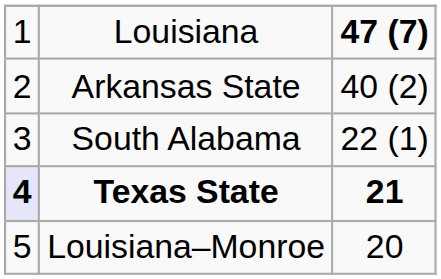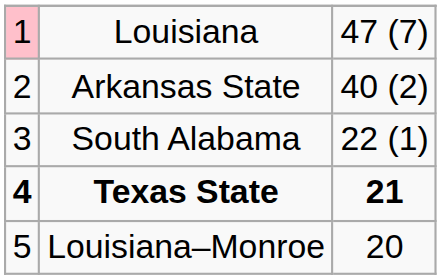 <table class="wikitable" style="display: inline-table;">
 <tr align="center">
 </tr>
 <tr align="center">
-<td>1</td>
+<td style="background: pink;">1</td>
 <td>Louisiana</td>
-<td><strong>47 (7)</strong></td>
+<td>47 (7)</td>
 </tr>
 <tr align="center">
 <td>2</td>
 <td>Arkansas State</td>
 <td>40 (2)</td>
 </tr>
 <tr align="center">
 <td>3</td>
 <td>South Alabama</td>
 <td>22 (1)</td>
 </tr>
 <tr align="center">
-<td style="background: lavender;"><strong>4</strong></td>
+<td><strong>4</strong></td>
 <td><strong>Texas State</strong></td>
 <td><strong>21</strong></td>
 </tr>
 <tr align="center">
 <td>5</td>
 <td>Louisiana–Monroe</td>
 <td>20</td>
 </tr>
 </table>
